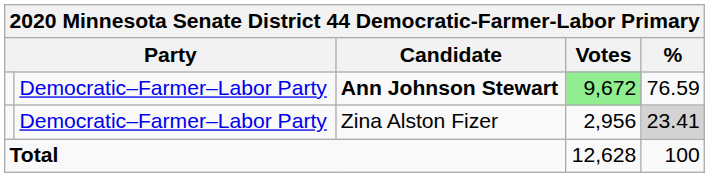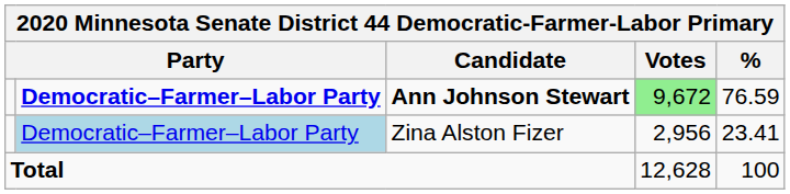 <table class="wikitable">
 <tr>
 <th colspan="6">2020 Minnesota Senate District 44 Democratic-Farmer-Labor Primary</th>
 </tr>
 <tr>
 <th colspan="2">Party</th>
 <th>Candidate</th>
 <th>Votes</th>
 <th>%</th>
 </tr>
 <tr>
 <td style="background-color:"></td>
-<td><a href='#'>Democratic–Farmer–Labor Party</a></td>
+<td><strong><a href='#'>Democratic–Farmer–Labor Party</a></strong></td>
 <td><strong>Ann Johnson Stewart</strong></td>
 <td align="right" style="background: lightgreen;">9,672</td>
 <td align="right">76.59</td>
 </tr>
 <tr>
 <td style="background-color:"></td>
-<td><a href='#'>Democratic–Farmer–Labor Party</a></td>
+<td style="background: lightblue;"><a href='#'>Democratic–Farmer–Labor Party</a></td>
 <td>Zina Alston Fizer</td>
 <td align="right">2,956</td>
-<td align="right" style="background: lightgrey;">23.41</td>
+<td align="right">23.41</td>
 </tr>
 <tr>
 <td colspan="3"><strong>Total</strong></td>
 <td align="right">12,628</td>
 <td align="right">100</td>
 </tr>
 </table>
